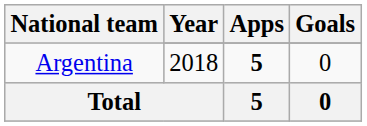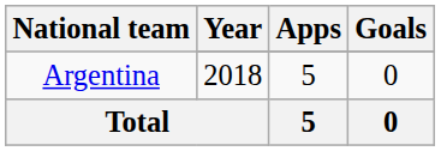 <table class="wikitable" style="text-align:center">
 <tr>
 <th>National team</th>
 <th>Year</th>
 <th>Apps</th>
 <th>Goals</th>
 </tr>
 <tr>
 <td rowspan=2><a href='#'>Argentina</a></td>
 </tr>
 <tr>
 <td>2018</td>
-<td><strong>5</strong></td>
+<td>5</td>
 <td>0</td>
 </tr>
 <tr>
 <th colspan=2>Total</th>
 <th>5</th>
 <th>0</th>
 </tr>
 </table>
